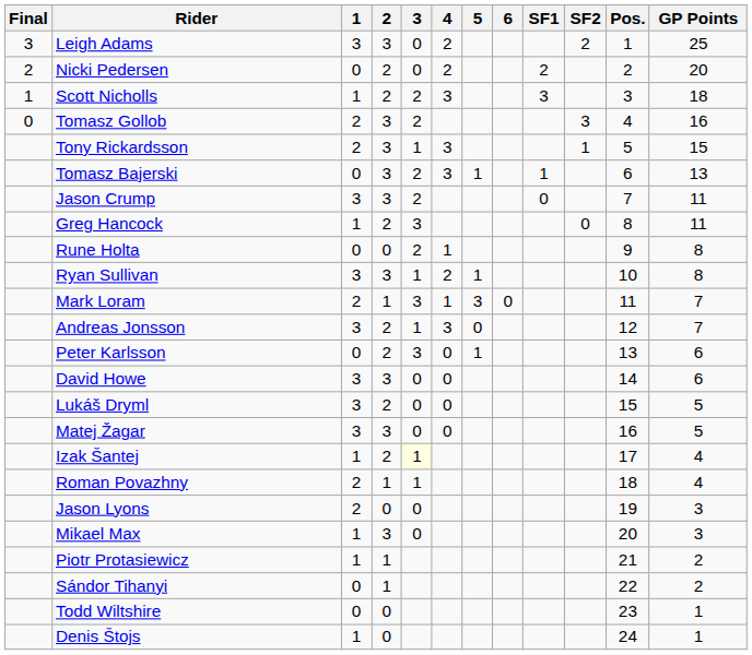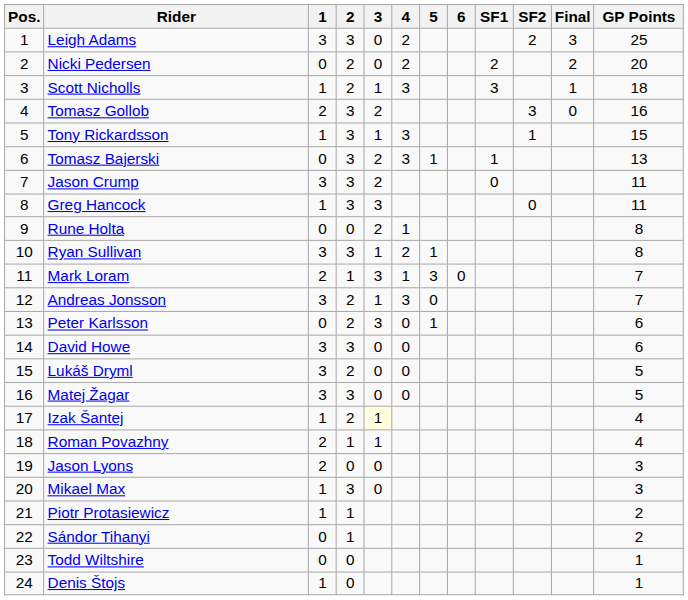 <table class=wikitable style="font-size:93%;">
 <tr>
-<th width=30px>Final</th>
+<th width=25px>Pos.</th>
 <th width=250px>Rider</th>
 <th width=20px>1</th>
 <th width=20px>2</th>
 <th width=20px>3</th>
 <th width=20px>4</th>
 <th width=20px>5</th>
 <th width=20px>6</th>
 <th width=30px>SF1</th>
 <th width=30px>SF2</th>
-<th width=25px>Pos.</th>
+<th width=30px>Final</th>
 <th width=80px>GP Points</th>
 </tr>
 <tr align=center style="background-color:">
-<td>3</td>
+<td>1</td>
 <td align=left> <a href='#'>Leigh Adams</a></td>
 <td>3</td>
 <td>3</td>
 <td>0</td>
 <td>2</td>
 <td></td>
 <td></td>
 <td></td>
 <td>2</td>
-<td>1</td>
+<td>3</td>
 <td>25</td>
 </tr>
 <tr align=center style="background-color:">
 <td>2</td>
 <td align=left> <a href='#'>Nicki Pedersen</a></td>
 <td>0</td>
 <td>2</td>
 <td>0</td>
 <td>2</td>
 <td></td>
 <td></td>
 <td> 2</td>
 <td></td>
 <td>2</td>
 <td>20</td>
 </tr>
 <tr align=center style="background-color:">
-<td>1</td>
+<td>3</td>
 <td align=left> <a href='#'>Scott Nicholls</a></td>
 <td>1</td>
 <td>2</td>
-<td>2</td>
+<td>1</td>
 <td>3</td>
 <td></td>
 <td></td>
 <td>3</td>
 <td></td>
-<td>3</td>
+<td>1</td>
 <td>18</td>
 </tr>
 <tr align=center>
-<td>0</td>
+<td>4</td>
 <td align=left> <a href='#'>Tomasz Gollob</a></td>
 <td>2</td>
 <td>3</td>
 <td>2</td>
 <td></td>
 <td></td>
 <td></td>
 <td></td>
 <td>3</td>
-<td>4</td>
+<td>0</td>
 <td>16</td>
 </tr>
 <tr align=center>
-<td></td>
+<td>5</td>
 <td align=left> <a href='#'>Tony Rickardsson</a></td>
-<td>2</td>
+<td>1</td>
 <td>3</td>
 <td>1</td>
 <td>3</td>
 <td></td>
 <td></td>
 <td></td>
 <td>1</td>
-<td>5</td>
+<td></td>
 <td>15</td>
 </tr>
 <tr align=center>
-<td></td>
+<td>6</td>
 <td align=left> <a href='#'>Tomasz Bajerski</a></td>
 <td>0</td>
 <td>3</td>
 <td>2</td>
 <td>3</td>
 <td>1</td>
 <td></td>
 <td>1</td>
 <td></td>
-<td>6</td>
+<td></td>
 <td>13</td>
 </tr>
 <tr align=center>
-<td></td>
+<td>7</td>
 <td align=left> <a href='#'>Jason Crump</a></td>
 <td>3</td>
 <td>3</td>
 <td>2</td>
 <td></td>
 <td></td>
 <td></td>
 <td>0</td>
 <td></td>
-<td>7</td>
+<td></td>
 <td>11</td>
 </tr>
 <tr align=center>
-<td></td>
+<td>8</td>
 <td align=left> <a href='#'>Greg Hancock</a></td>
 <td>1</td>
-<td>2</td>
+<td>3</td>
 <td>3</td>
 <td></td>
 <td></td>
 <td></td>
 <td></td>
 <td>0</td>
-<td>8</td>
+<td></td>
 <td>11</td>
 </tr>
 <tr align=center>
-<td></td>
+<td>9</td>
 <td align=left> <a href='#'>Rune Holta</a></td>
 <td>0</td>
 <td>0</td>
 <td>2</td>
 <td>1</td>
 <td></td>
 <td></td>
 <td></td>
 <td></td>
-<td>9</td>
+<td></td>
 <td>8</td>
 </tr>
 <tr align=center>
-<td></td>
+<td>10</td>
 <td align=left> <a href='#'>Ryan Sullivan</a></td>
 <td>3</td>
 <td>3</td>
 <td>1</td>
 <td>2</td>
 <td>1</td>
 <td></td>
 <td></td>
 <td></td>
-<td>10</td>
+<td></td>
 <td>8</td>
 </tr>
 <tr align=center>
-<td></td>
+<td>11</td>
 <td align=left> <a href='#'>Mark Loram</a></td>
 <td>2</td>
 <td>1</td>
 <td>3</td>
 <td>1</td>
 <td>3</td>
 <td>0</td>
 <td></td>
 <td></td>
-<td>11</td>
+<td></td>
 <td>7</td>
 </tr>
 <tr align=center>
-<td></td>
+<td>12</td>
 <td align=left> <a href='#'>Andreas Jonsson</a></td>
 <td>3</td>
 <td>2</td>
 <td>1</td>
 <td>3</td>
 <td>0</td>
 <td></td>
 <td></td>
 <td></td>
-<td>12</td>
+<td></td>
 <td>7</td>
 </tr>
 <tr align=center>
-<td></td>
+<td>13</td>
 <td align=left> <a href='#'>Peter Karlsson</a></td>
 <td>0</td>
 <td>2</td>
 <td>3</td>
 <td>0</td>
 <td>1</td>
 <td></td>
 <td></td>
 <td></td>
-<td>13</td>
+<td></td>
 <td>6</td>
 </tr>
 <tr align=center>
-<td></td>
+<td>14</td>
 <td align=left> <a href='#'>David Howe</a></td>
 <td>3</td>
 <td>3</td>
 <td>0</td>
 <td>0</td>
 <td></td>
 <td></td>
 <td></td>
 <td></td>
-<td>14</td>
+<td></td>
 <td>6</td>
 </tr>
 <tr align=center>
-<td></td>
+<td>15</td>
 <td align=left> <a href='#'>Lukáš Dryml</a></td>
 <td>3</td>
 <td>2</td>
 <td>0</td>
 <td>0</td>
 <td></td>
 <td></td>
 <td></td>
 <td></td>
-<td>15</td>
+<td></td>
 <td>5</td>
 </tr>
 <tr align=center>
-<td></td>
+<td>16</td>
 <td align=left> <a href='#'>Matej Žagar</a></td>
 <td>3</td>
 <td>3</td>
 <td>0</td>
 <td>0</td>
 <td></td>
 <td></td>
 <td></td>
 <td></td>
-<td>16</td>
+<td></td>
 <td>5</td>
 </tr>
 <tr align=center>
-<td></td>
+<td>17</td>
 <td align=left> <a href='#'>Izak Šantej</a></td>
 <td>1</td>
 <td>2</td>
 <td style="background: lightyellow;">1</td>
 <td></td>
 <td></td>
 <td></td>
 <td></td>
 <td></td>
-<td>17</td>
+<td></td>
 <td>4</td>
 </tr>
 <tr align=center>
-<td></td>
+<td>18</td>
 <td align=left> <a href='#'>Roman Povazhny</a></td>
 <td>2</td>
 <td>1</td>
 <td>1</td>
 <td></td>
 <td></td>
 <td></td>
 <td></td>
 <td></td>
-<td>18</td>
+<td></td>
 <td>4</td>
 </tr>
 <tr align=center>
-<td></td>
+<td>19</td>
 <td align=left> <a href='#'>Jason Lyons</a></td>
 <td>2</td>
 <td>0</td>
 <td>0</td>
 <td></td>
 <td></td>
 <td></td>
 <td></td>
 <td></td>
-<td>19</td>
+<td></td>
 <td>3</td>
 </tr>
 <tr align=center>
-<td></td>
+<td>20</td>
 <td align=left> <a href='#'>Mikael Max</a></td>
 <td>1</td>
 <td>3</td>
 <td>0</td>
 <td></td>
 <td></td>
 <td></td>
 <td></td>
 <td></td>
-<td>20</td>
+<td></td>
 <td>3</td>
 </tr>
 <tr align=center>
-<td></td>
+<td>21</td>
 <td align=left> <a href='#'>Piotr Protasiewicz</a></td>
 <td>1</td>
 <td>1</td>
 <td></td>
 <td></td>
 <td></td>
 <td></td>
 <td></td>
 <td></td>
-<td>21</td>
+<td></td>
 <td>2</td>
 </tr>
 <tr align=center>
-<td></td>
+<td>22</td>
 <td align=left> <a href='#'>Sándor Tihanyi</a></td>
 <td>0</td>
 <td>1</td>
 <td></td>
 <td></td>
 <td></td>
 <td></td>
 <td></td>
 <td></td>
-<td>22</td>
+<td></td>
 <td>2</td>
 </tr>
 <tr align=center>
-<td></td>
+<td>23</td>
 <td align=left> <a href='#'>Todd Wiltshire</a></td>
 <td>0</td>
 <td>0</td>
 <td></td>
 <td></td>
 <td></td>
 <td></td>
 <td></td>
 <td></td>
-<td>23</td>
+<td></td>
 <td>1</td>
 </tr>
 <tr align=center>
-<td></td>
+<td>24</td>
 <td align=left> <a href='#'>Denis Štojs</a></td>
 <td>1</td>
 <td>0</td>
 <td></td>
 <td></td>
 <td></td>
 <td></td>
 <td></td>
 <td></td>
-<td>24</td>
+<td></td>
 <td>1</td>
 </tr>
 </table>
